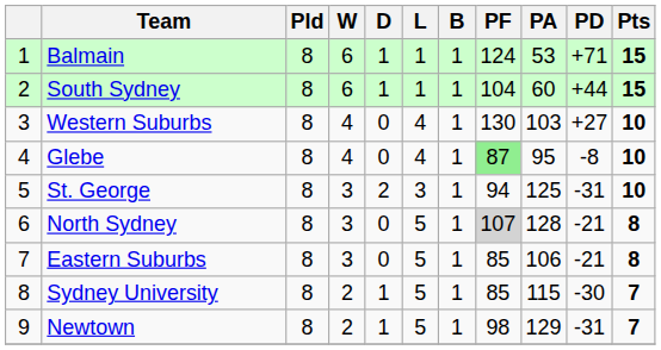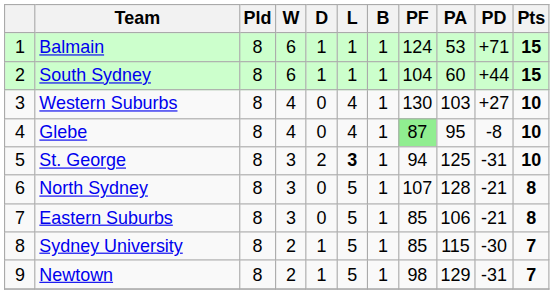 <table class="wikitable" style="text-align:center;">
 <tr>
 <th width=20 abbr="Position"></th>
 <th width=175>Team</th>
 <th width=20 abbr="Played">Pld</th>
 <th width=20 abbr="Won">W</th>
 <th width=20 abbr="Drawn">D</th>
 <th width=20 abbr="Lost">L</th>
 <th width=20 abbr="Bye">B</th>
 <th width=20 abbr="Points for">PF</th>
 <th width=20 abbr="Points against">PA</th>
 <th width=20 abbr="Points difference">PD</th>
 <th width=20 abbr="Points">Pts</th>
 </tr>
 <tr style="background: #ccffcc;">
 <td>1</td>
 <td style="text-align:left;"> <a href='#'>Balmain</a></td>
 <td>8</td>
 <td>6</td>
 <td>1</td>
 <td>1</td>
 <td>1</td>
 <td>124</td>
 <td>53</td>
 <td>+71</td>
 <td><strong>15</strong></td>
 </tr>
 <tr style="background: #ccffcc;">
 <td>2</td>
 <td style="text-align:left;"> <a href='#'>South Sydney</a></td>
 <td>8</td>
 <td>6</td>
 <td>1</td>
 <td>1</td>
 <td>1</td>
 <td>104</td>
 <td>60</td>
 <td>+44</td>
 <td><strong>15</strong></td>
 </tr>
 <tr>
 <td>3</td>
 <td style="text-align:left;"> <a href='#'>Western Suburbs</a></td>
 <td>8</td>
 <td>4</td>
 <td>0</td>
 <td>4</td>
 <td>1</td>
 <td>130</td>
 <td>103</td>
 <td>+27</td>
 <td><strong>10</strong></td>
 </tr>
 <tr>
 <td>4</td>
 <td style="text-align:left;"> <a href='#'>Glebe</a></td>
 <td>8</td>
 <td>4</td>
 <td>0</td>
 <td>4</td>
 <td>1</td>
 <td style="background: lightgreen;">87</td>
 <td>95</td>
 <td>-8</td>
 <td><strong>10</strong></td>
 </tr>
 <tr>
 <td>5</td>
 <td style="text-align:left;"> <a href='#'>St. George</a></td>
 <td>8</td>
 <td>3</td>
 <td>2</td>
-<td>3</td>
+<td><strong>3</strong></td>
 <td>1</td>
 <td>94</td>
 <td>125</td>
 <td>-31</td>
 <td><strong>10</strong></td>
 </tr>
 <tr>
 <td>6</td>
 <td style="text-align:left;"> <a href='#'>North Sydney</a></td>
 <td>8</td>
 <td>3</td>
 <td>0</td>
 <td>5</td>
 <td>1</td>
-<td style="background: lightgrey;">107</td>
+<td>107</td>
 <td>128</td>
 <td>-21</td>
 <td><strong>8</strong></td>
 </tr>
 <tr>
 <td>7</td>
 <td style="text-align:left;"> <a href='#'>Eastern Suburbs</a></td>
 <td>8</td>
 <td>3</td>
 <td>0</td>
 <td>5</td>
 <td>1</td>
 <td>85</td>
 <td>106</td>
 <td>-21</td>
 <td><strong>8</strong></td>
 </tr>
 <tr>
 <td>8</td>
 <td style="text-align:left;"> <a href='#'>Sydney University</a></td>
 <td>8</td>
 <td>2</td>
 <td>1</td>
 <td>5</td>
 <td>1</td>
 <td>85</td>
 <td>115</td>
 <td>-30</td>
 <td><strong>7</strong></td>
 </tr>
 <tr>
 <td>9</td>
 <td style="text-align:left;"> <a href='#'>Newtown</a></td>
 <td>8</td>
 <td>2</td>
 <td>1</td>
 <td>5</td>
 <td>1</td>
 <td>98</td>
 <td>129</td>
 <td>-31</td>
 <td><strong>7</strong></td>
 </tr>
 <tr>
 </tr>
 </table>
